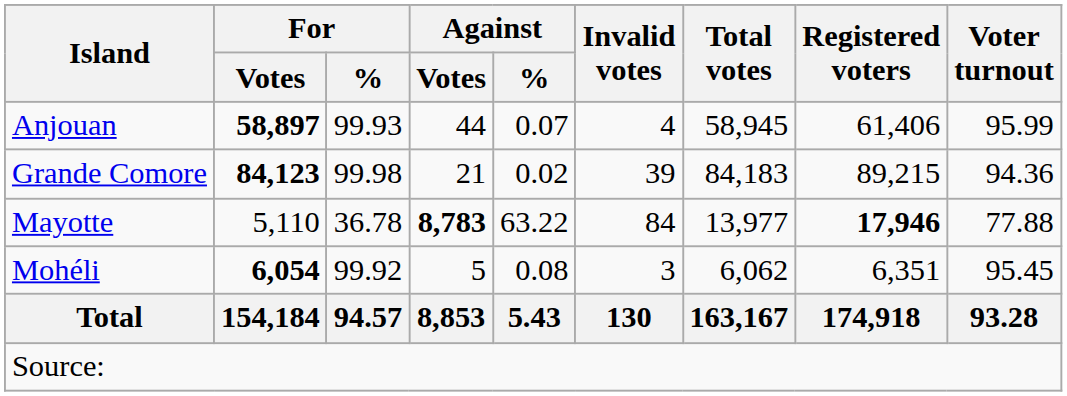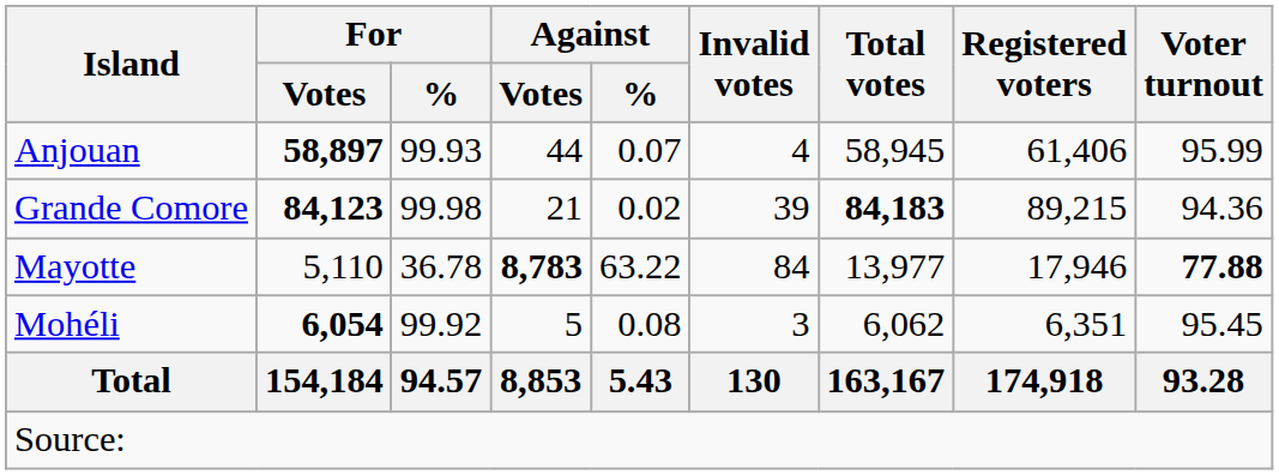 <table class=wikitable style=text-align:right>
 <tr>
 <th rowspan=2>Island</th>
 <th colspan=2>For</th>
 <th colspan=2>Against</th>
 <th rowspan=2>Invalid<br>votes</th>
 <th rowspan=2>Total<br>votes</th>
 <th rowspan=2>Registered<br>voters</th>
 <th rowspan=2>Voter<br>turnout</th>
 </tr>
 <tr>
 <th>Votes</th>
 <th>%</th>
 <th>Votes</th>
 <th>%</th>
 </tr>
 <tr>
 <td align=left><a href='#'>Anjouan</a></td>
 <td><strong>58,897</strong></td>
 <td>99.93</td>
 <td>44</td>
 <td>0.07</td>
 <td>4</td>
 <td>58,945</td>
 <td>61,406</td>
 <td>95.99</td>
 </tr>
 <tr>
 <td align=left><a href='#'>Grande Comore</a></td>
 <td><strong>84,123</strong></td>
 <td>99.98</td>
 <td>21</td>
 <td>0.02</td>
 <td>39</td>
-<td>84,183</td>
+<td><strong>84,183</strong></td>
 <td>89,215</td>
 <td>94.36</td>
 </tr>
 <tr>
 <td align=left><a href='#'>Mayotte</a></td>
 <td>5,110</td>
 <td>36.78</td>
 <td><strong>8,783</strong></td>
 <td>63.22</td>
 <td>84</td>
 <td>13,977</td>
-<td><strong>17,946</strong></td>
-<td>77.88</td>
+<td>17,946</td>
+<td><strong>77.88</strong></td>
 </tr>
 <tr>
 <td align=left><a href='#'>Mohéli</a></td>
 <td><strong>6,054</strong></td>
 <td>99.92</td>
 <td>5</td>
 <td>0.08</td>
 <td>3</td>
 <td>6,062</td>
 <td>6,351</td>
 <td>95.45</td>
 </tr>
 <tr>
 <th>Total</th>
 <th>154,184</th>
 <th>94.57</th>
 <th>8,853</th>
 <th>5.43</th>
 <th>130</th>
 <th>163,167</th>
 <th>174,918</th>
 <th>93.28</th>
 </tr>
 <tr>
 <td colspan=9 align=left>Source: </td>
 </tr>
 </table>
